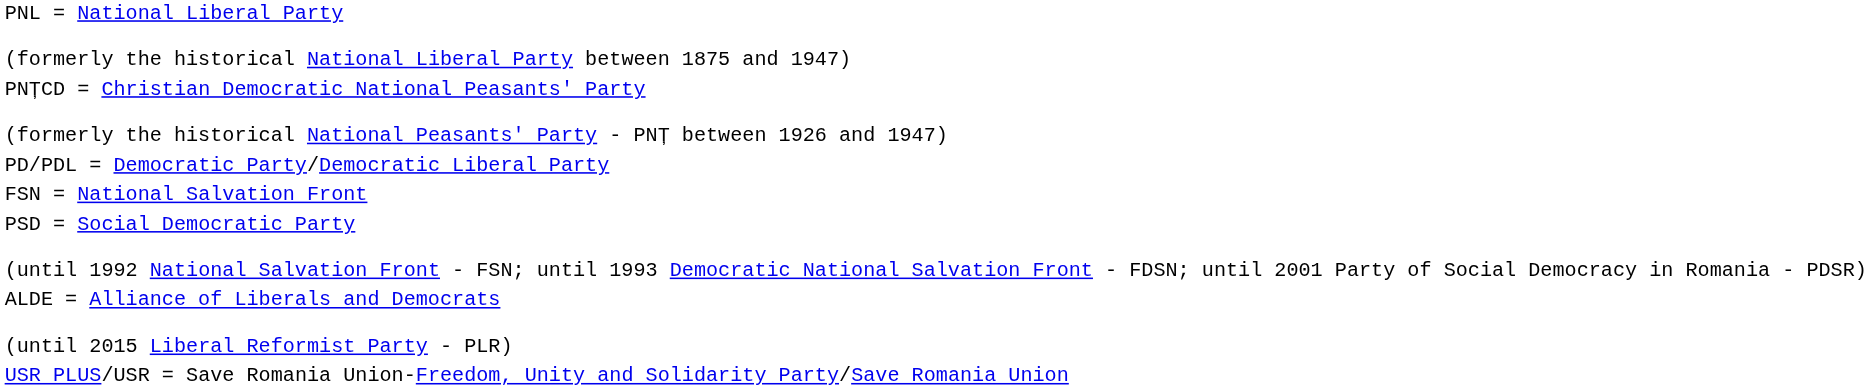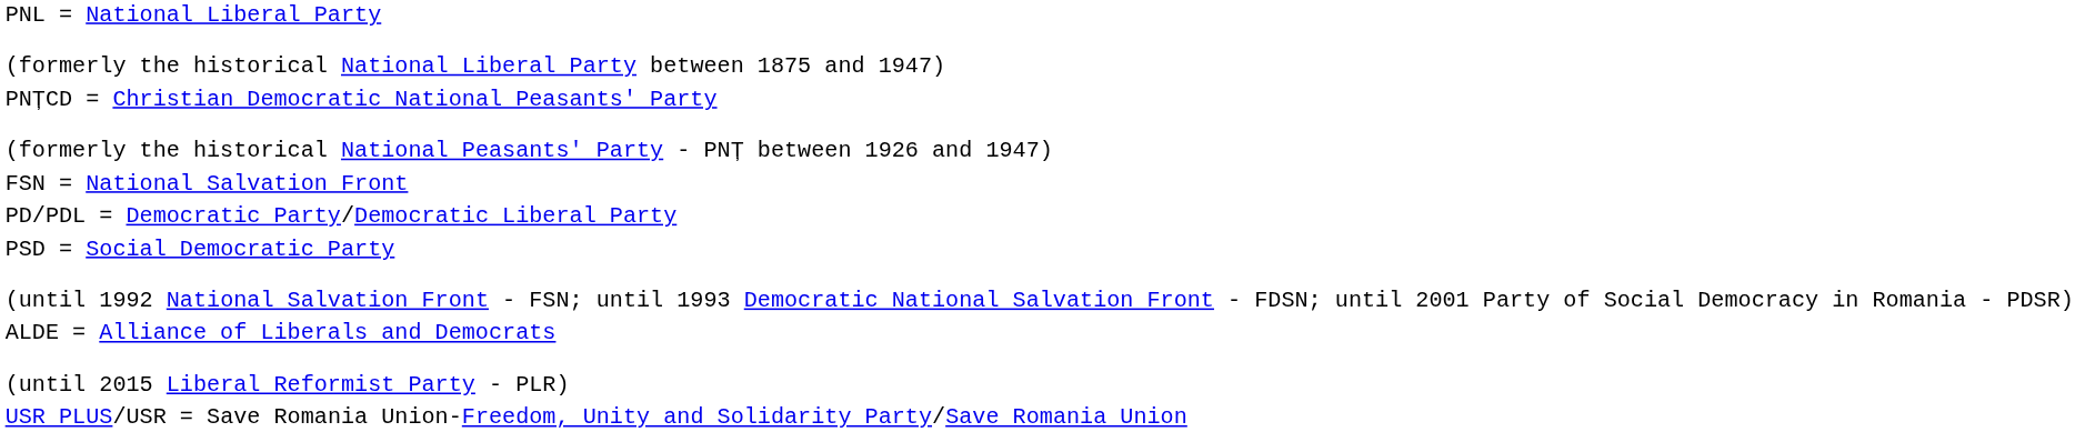 <table>
 <tr>
 <td> PNL = <a href='#'>National Liberal Party</a> <br><br>(formerly the historical <a href='#'>National Liberal Party</a> between 1875 and 1947)</td>
 </tr>
 <tr>
 <td> PNȚCD = <a href='#'>Christian Democratic National Peasants' Party</a> <br><br>(formerly the historical <a href='#'>National Peasants' Party</a> - PNȚ between 1926 and 1947)</td>
 </tr>
 <tr>
-<td> PD/PDL = <a href='#'>Democratic Party</a>/<a href='#'>Democratic Liberal Party</a></td>
+<td> FSN = <a href='#'>National Salvation Front</a></td>
 </tr>
 <tr>
-<td> FSN = <a href='#'>National Salvation Front</a></td>
+<td> PD/PDL = <a href='#'>Democratic Party</a>/<a href='#'>Democratic Liberal Party</a></td>
 </tr>
 <tr>
 <td> PSD = <a href='#'>Social Democratic Party</a> <br><br>(until 1992 <a href='#'>National Salvation Front</a> - FSN; until 1993 <a href='#'>Democratic National Salvation Front</a> - FDSN; until 2001 Party of Social Democracy in Romania - PDSR)</td>
 </tr>
 <tr>
 <td> ALDE = <a href='#'>Alliance of Liberals and Democrats</a> <br><br>(until 2015 <a href='#'>Liberal Reformist Party</a> - PLR)</td>
 </tr>
 <tr>
 <td> <a href='#'>USR PLUS</a>/USR = Save Romania Union-<a href='#'>Freedom, Unity and Solidarity Party</a>/<a href='#'>Save Romania Union</a></td>
 </tr>
 </table>
